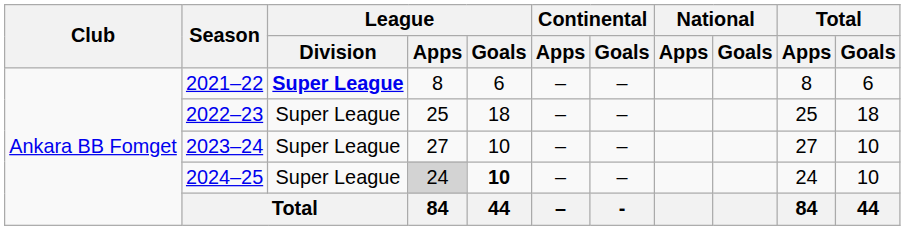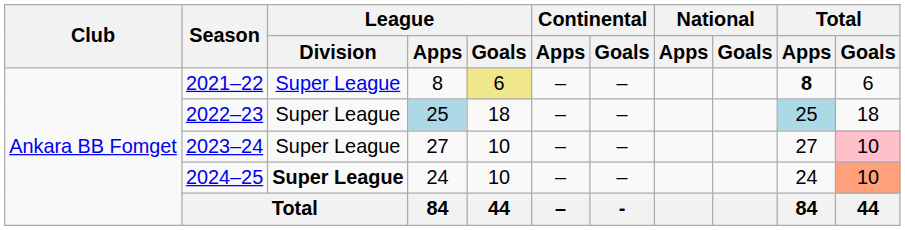 <table class="wikitable" style="text-align: center;">
 <tr>
 <th rowspan="2">Club</th>
 <th rowspan="2">Season</th>
 <th colspan="3">League</th>
 <th colspan="2">Continental</th>
 <th colspan="2">National</th>
 <th colspan="2">Total</th>
 </tr>
 <tr>
 <th>Division</th>
 <th>Apps</th>
 <th>Goals</th>
 <th>Apps</th>
 <th>Goals</th>
 <th>Apps</th>
 <th>Goals</th>
 <th>Apps</th>
 <th>Goals</th>
 </tr>
 <tr>
 <td rowspan=5><a href='#'>Ankara BB Fomget</a></td>
 <td><a href='#'>2021–22</a></td>
-<td><strong><a href='#'>Super League</a></strong></td>
+<td><a href='#'>Super League</a></td>
 <td>8</td>
-<td>6</td>
+<td style="background: khaki;">6</td>
 <td>–</td>
 <td>–</td>
 <td></td>
 <td></td>
-<td>8</td>
+<td><strong>8</strong></td>
 <td>6</td>
 </tr>
 <tr>
 <td><a href='#'>2022–23</a></td>
 <td>Super League</td>
-<td>25</td>
+<td style="background: lightblue;">25</td>
 <td>18</td>
 <td>–</td>
 <td>–</td>
 <td></td>
 <td></td>
-<td>25</td>
+<td style="background: lightblue;">25</td>
 <td>18</td>
 </tr>
 <tr>
 <td><a href='#'>2023–24</a></td>
 <td>Super League</td>
 <td>27</td>
 <td>10</td>
 <td>–</td>
 <td>–</td>
 <td></td>
 <td></td>
 <td>27</td>
-<td>10</td>
+<td style="background: pink;">10</td>
 </tr>
 <tr>
 <td><a href='#'>2024–25</a></td>
-<td>Super League</td>
-<td style="background: lightgrey;">24</td>
-<td><strong>10</strong></td>
+<td><strong>Super League</strong></td>
+<td>24</td>
+<td>10</td>
 <td>–</td>
 <td>–</td>
 <td></td>
 <td></td>
 <td>24</td>
-<td>10</td>
+<td style="background: lightsalmon;">10</td>
 </tr>
 <tr>
 <th colspan="2">Total</th>
 <th>84</th>
 <th>44</th>
 <th>–</th>
 <th>-</th>
 <th></th>
 <th></th>
 <th>84</th>
 <th>44</th>
 </tr>
 </table>
